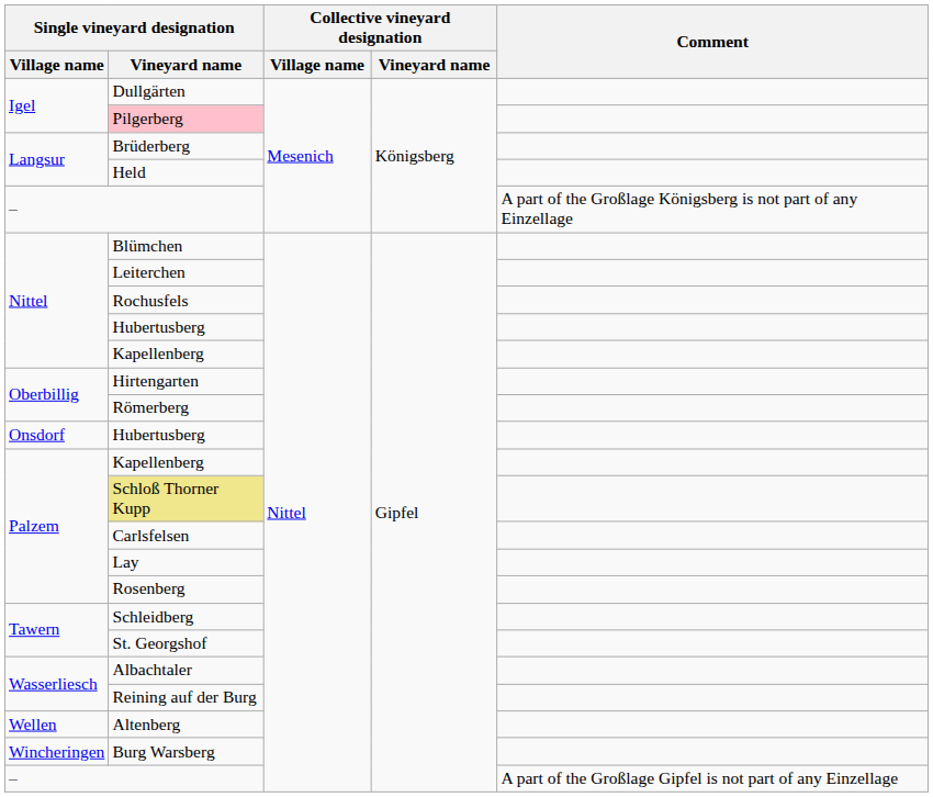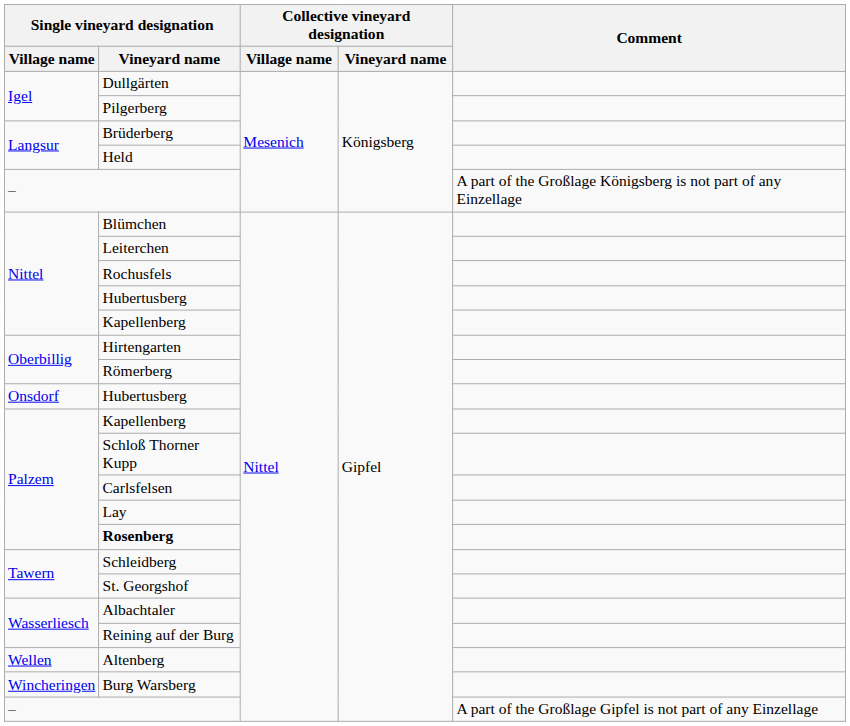 <table class="wikitable">
 <tr>
 <th colspan="2">Single vineyard designation</th>
 <th colspan="2">Collective vineyard designation</th>
 <th rowspan="2">Comment</th>
 </tr>
 <tr bgcolor="lightgrey">
 <th>Village name</th>
 <th>Vineyard name</th>
 <th>Village name</th>
 <th>Vineyard name</th>
 </tr>
 <tr>
 <td rowspan="2"><a href='#'>Igel</a></td>
 <td>Dullgärten</td>
 <td rowspan="5"><a href='#'>Mesenich</a></td>
 <td rowspan="5">Königsberg</td>
 <td></td>
 </tr>
 <tr>
-<td style="background: pink;">Pilgerberg</td>
+<td>Pilgerberg</td>
 <td></td>
 </tr>
 <tr>
 <td rowspan="2"><a href='#'>Langsur</a></td>
 <td>Brüderberg</td>
 <td></td>
 </tr>
 <tr>
 <td>Held</td>
 <td></td>
 </tr>
 <tr>
 <td colspan="2">–</td>
 <td>A part of the Großlage Königsberg is not part of any Einzellage</td>
 </tr>
 <tr>
 <td rowspan="5"><a href='#'>Nittel</a></td>
 <td>Blümchen</td>
 <td rowspan="20"><a href='#'>Nittel</a></td>
 <td rowspan="20">Gipfel</td>
 <td></td>
 </tr>
 <tr>
 <td>Leiterchen</td>
 <td></td>
 </tr>
 <tr>
 <td>Rochusfels</td>
 <td></td>
 </tr>
 <tr>
 <td>Hubertusberg</td>
 <td></td>
 </tr>
 <tr>
 <td>Kapellenberg</td>
 <td></td>
 </tr>
 <tr>
 <td rowspan="2"><a href='#'>Oberbillig</a></td>
 <td>Hirtengarten</td>
 <td></td>
 </tr>
 <tr>
 <td>Römerberg</td>
 <td></td>
 </tr>
 <tr>
 <td><a href='#'>Onsdorf</a></td>
 <td>Hubertusberg</td>
 <td></td>
 </tr>
 <tr>
 <td rowspan="5"><a href='#'>Palzem</a></td>
 <td>Kapellenberg</td>
 <td></td>
 </tr>
 <tr>
-<td style="background: khaki;">Schloß Thorner Kupp</td>
+<td>Schloß Thorner Kupp</td>
 <td></td>
 </tr>
 <tr>
 <td>Carlsfelsen</td>
 <td></td>
 </tr>
 <tr>
 <td>Lay</td>
 <td></td>
 </tr>
 <tr>
-<td>Rosenberg</td>
+<td><strong>Rosenberg</strong></td>
 <td></td>
 </tr>
 <tr>
 <td rowspan="2"><a href='#'>Tawern</a></td>
 <td>Schleidberg</td>
 <td></td>
 </tr>
 <tr>
 <td>St. Georgshof</td>
 <td></td>
 </tr>
 <tr>
 <td rowspan="2"><a href='#'>Wasserliesch</a></td>
 <td>Albachtaler</td>
 <td></td>
 </tr>
 <tr>
 <td>Reining auf der Burg</td>
 <td></td>
 </tr>
 <tr>
 <td><a href='#'>Wellen</a></td>
 <td>Altenberg</td>
 <td></td>
 </tr>
 <tr>
 <td><a href='#'>Wincheringen</a></td>
 <td>Burg Warsberg</td>
 <td></td>
 </tr>
 <tr>
 <td colspan="2">–</td>
 <td>A part of the Großlage Gipfel is not part of any Einzellage</td>
 </tr>
 </table>
